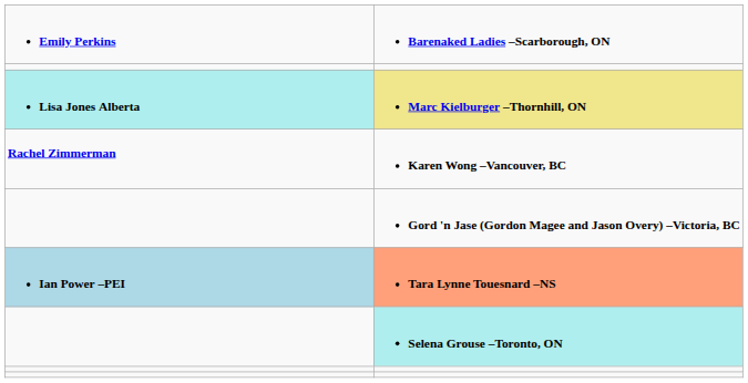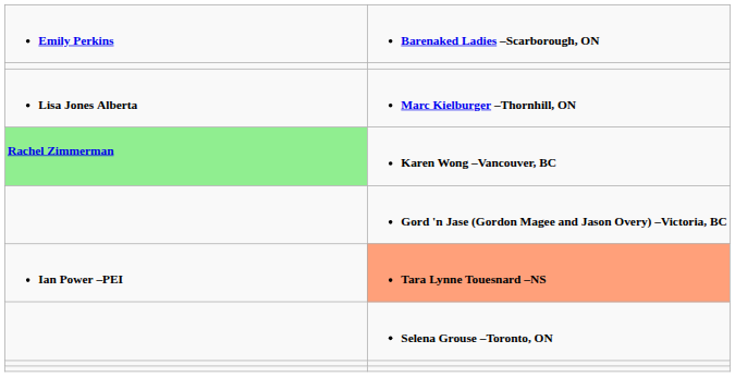 <table class="wikitable" role="presentation">
 <tr>
 <td style="vertical-align:top; width:50%;"><br><ul><li><strong><a href='#'>Emily Perkins</a></strong></li></ul></td>
 <td style="vertical-align:top; width:50%;"><br><ul><li><strong><a href='#'>Barenaked Ladies</a> –Scarborough, ON</strong></li></ul></td>
 </tr>
 <tr>
 <td style="vertical-align:top; width:50%;"></td>
 <td style="vertical-align:top; width:50%;"></td>
 </tr>
 <tr>
-<td style="background: paleturquoise; vertical-align:top; width:50%;"><br><ul><li><strong>Lisa Jones Alberta</strong></li></ul></td>
-<td style="background: khaki; vertical-align:top; width:50%;"><br><ul><li><strong><a href='#'>Marc Kielburger</a> –Thornhill, ON</strong></li></ul></td>
+<td style="vertical-align:top; width:50%;"><br><ul><li><strong>Lisa Jones Alberta</strong></li></ul></td>
+<td style="vertical-align:top; width:50%;"><br><ul><li><strong><a href='#'>Marc Kielburger</a> –Thornhill, ON</strong></li></ul></td>
 </tr>
 <tr>
-<td style="vertical-align:top; width:50%;"><br><strong><a href='#'>Rachel Zimmerman</a></strong></td>
+<td style="background: lightgreen; vertical-align:top; width:50%;"><br><strong><a href='#'>Rachel Zimmerman</a></strong></td>
 <td style="vertical-align:top; width:50%;"><br><ul><li><strong>Karen Wong –Vancouver, BC</strong></li></ul></td>
 </tr>
 <tr>
 <td style="vertical-align:top; width:50%;"></td>
 <td style="vertical-align:top; width:50%;"><br><ul><li><strong>Gord 'n Jase (Gordon Magee and Jason Overy) –Victoria, BC</strong></li></ul></td>
 </tr>
 <tr>
-<td style="background: lightblue; vertical-align:top; width:50%;"><br><ul><li><strong>Ian Power –PEI</strong></li></ul></td>
+<td style="vertical-align:top; width:50%;"><br><ul><li><strong>Ian Power –PEI</strong></li></ul></td>
 <td style="background: lightsalmon; vertical-align:top; width:50%;"><br><ul><li><strong>Tara Lynne Touesnard –NS</strong></li></ul></td>
 </tr>
 <tr>
 <td style="vertical-align:top; width:50%;"></td>
-<td style="background: paleturquoise; vertical-align:top; width:50%;"><br><ul><li><strong>Selena Grouse –Toronto, ON</strong></li></ul></td>
+<td style="vertical-align:top; width:50%;"><br><ul><li><strong>Selena Grouse –Toronto, ON</strong></li></ul></td>
 </tr>
 <tr>
 <td style="vertical-align:top; width:50%;"></td>
 <td style="vertical-align:top; width:50%;"></td>
 </tr>
 <tr>
 <td style="vertical-align:top; width:50%;"></td>
 </tr>
 </table>
